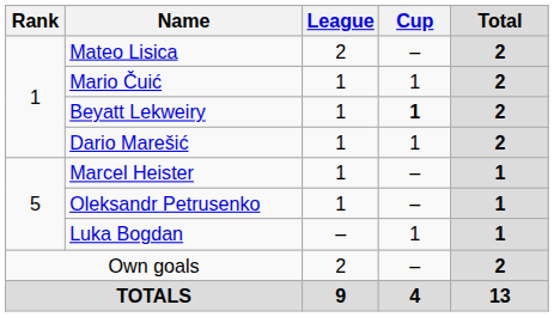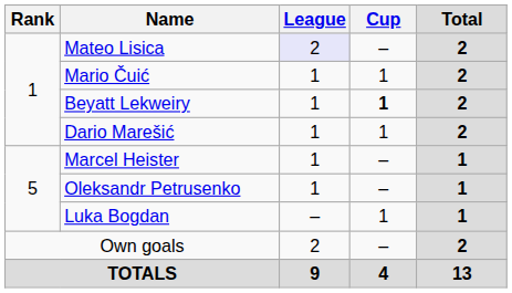 <table class="wikitable" style="font-size: 95%; text-align: center;">
 <tr>
 <th width=40>Rank</th>
 <th width=180>Name</th>
 <th width=50><a href='#'>League</a></th>
 <th width=50><a href='#'>Cup</a></th>
 <th width=70 style="background: #DCDCDC">Total</th>
 </tr>
 <tr>
 <td rowspan=4>1</td>
 <td style="text-align:left;"> <a href='#'>Mateo Lisica</a></td>
-<td>2</td>
+<td style="background: lavender;">2</td>
 <td>–</td>
 <th style="background: #DCDCDC">2</th>
 </tr>
 <tr>
 <td style="text-align:left;"> <a href='#'>Mario Čuić</a></td>
 <td>1</td>
 <td>1</td>
 <th style="background: #DCDCDC">2</th>
 </tr>
 <tr>
 <td style="text-align:left;"> <a href='#'>Beyatt Lekweiry</a></td>
 <td>1</td>
 <td><strong>1</strong></td>
 <th style="background: #DCDCDC">2</th>
 </tr>
 <tr>
 <td style="text-align:left;"> <a href='#'>Dario Marešić</a></td>
 <td>1</td>
 <td>1</td>
 <th style="background: #DCDCDC">2</th>
 </tr>
 <tr>
 <td rowspan=3>5</td>
 <td style="text-align:left;"> <a href='#'>Marcel Heister</a></td>
 <td>1</td>
 <td>–</td>
 <th style="background: #DCDCDC">1</th>
 </tr>
 <tr>
 <td style="text-align:left;"> <a href='#'>Oleksandr Petrusenko</a></td>
 <td>1</td>
 <td>–</td>
 <th style="background: #DCDCDC">1</th>
 </tr>
 <tr>
 <td style="text-align:left;"> <a href='#'>Luka Bogdan</a></td>
 <td>–</td>
 <td>1</td>
 <th style="background: #DCDCDC">1</th>
 </tr>
 <tr>
 <td colspan=2 style="text-align:center;">Own goals</td>
 <td>2</td>
 <td>–</td>
 <th style="background: #DCDCDC">2</th>
 </tr>
 <tr>
 <th colspan="2" align="center" style="background: #DCDCDC">TOTALS</th>
 <th style="background: #DCDCDC">9</th>
 <th style="background: #DCDCDC">4</th>
 <th style="background: #DCDCDC">13</th>
 </tr>
 </table>
